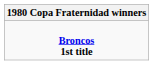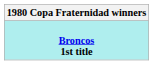 <table class="wikitable" border="1" style="text-align: center; margin: 0 auto;">
 <tr>
 <th>1980 Copa Fraternidad winners</th>
 </tr>
 <tr>
-<td align="center"><br><strong><a href='#'>Broncos</a><br>1st title</strong></td>
+<td align="center" style="background: paleturquoise;"><br><strong><a href='#'>Broncos</a><br>1st title</strong></td>
 </tr>
 </table>
